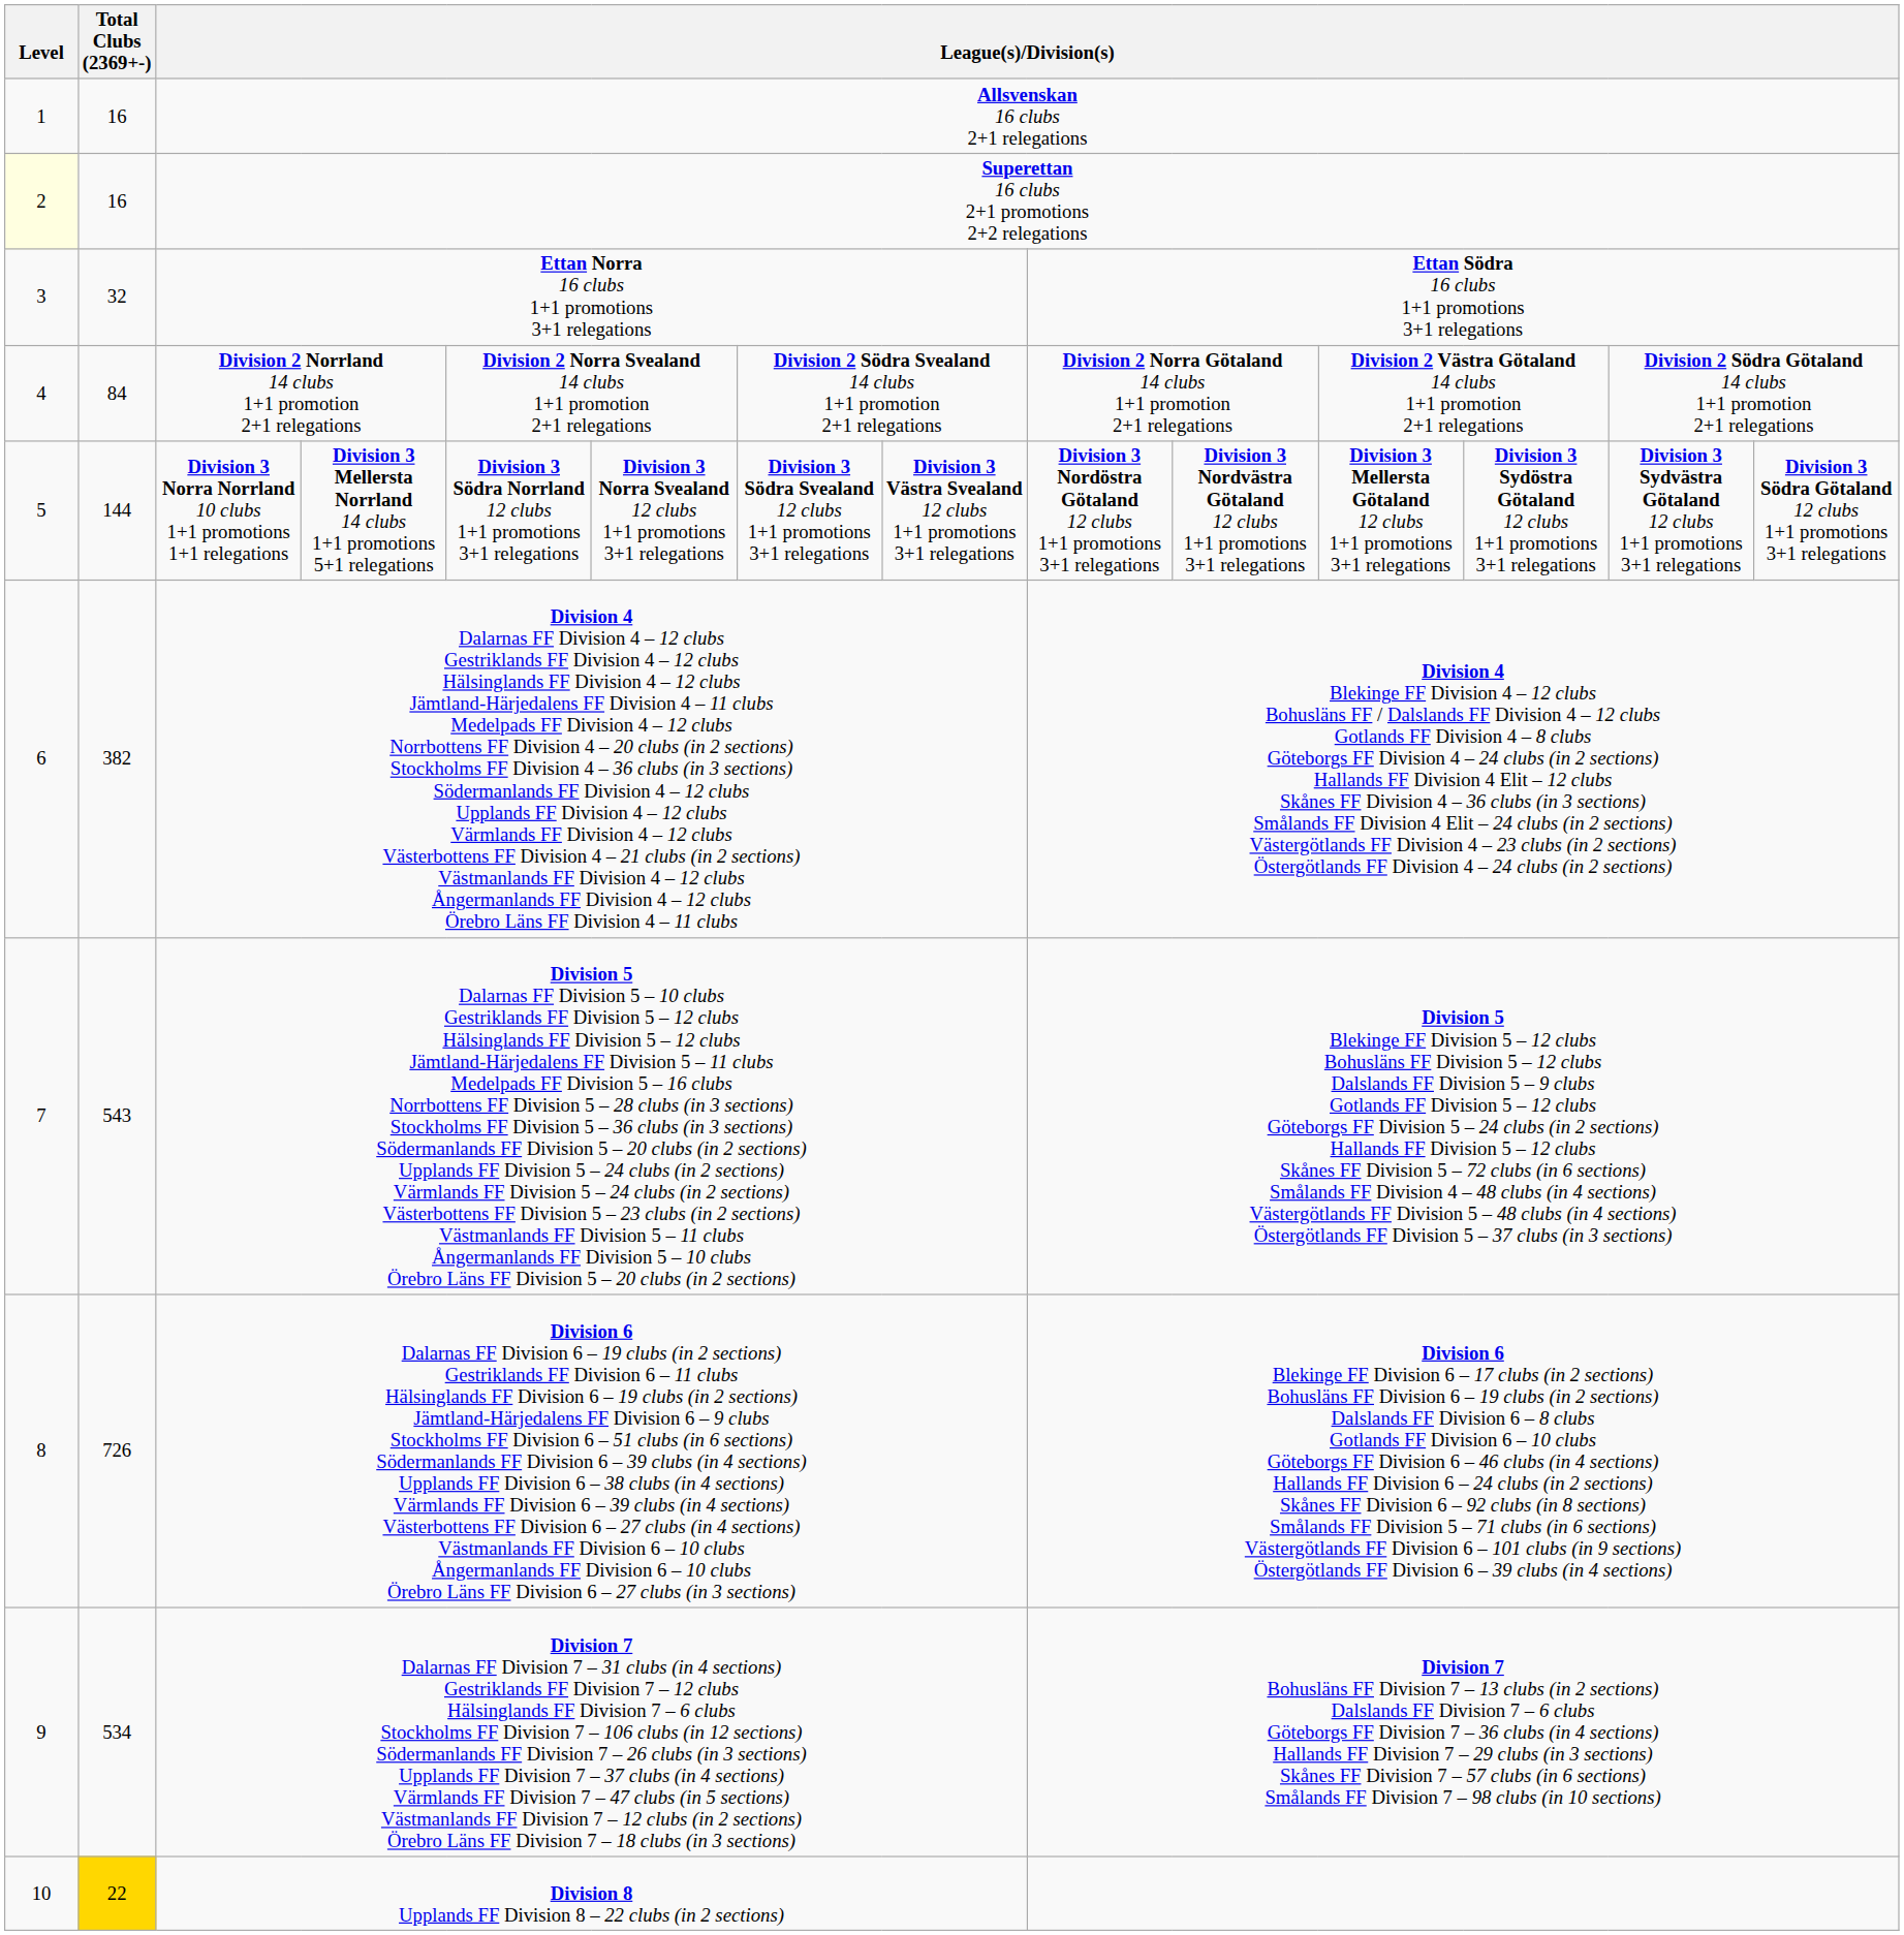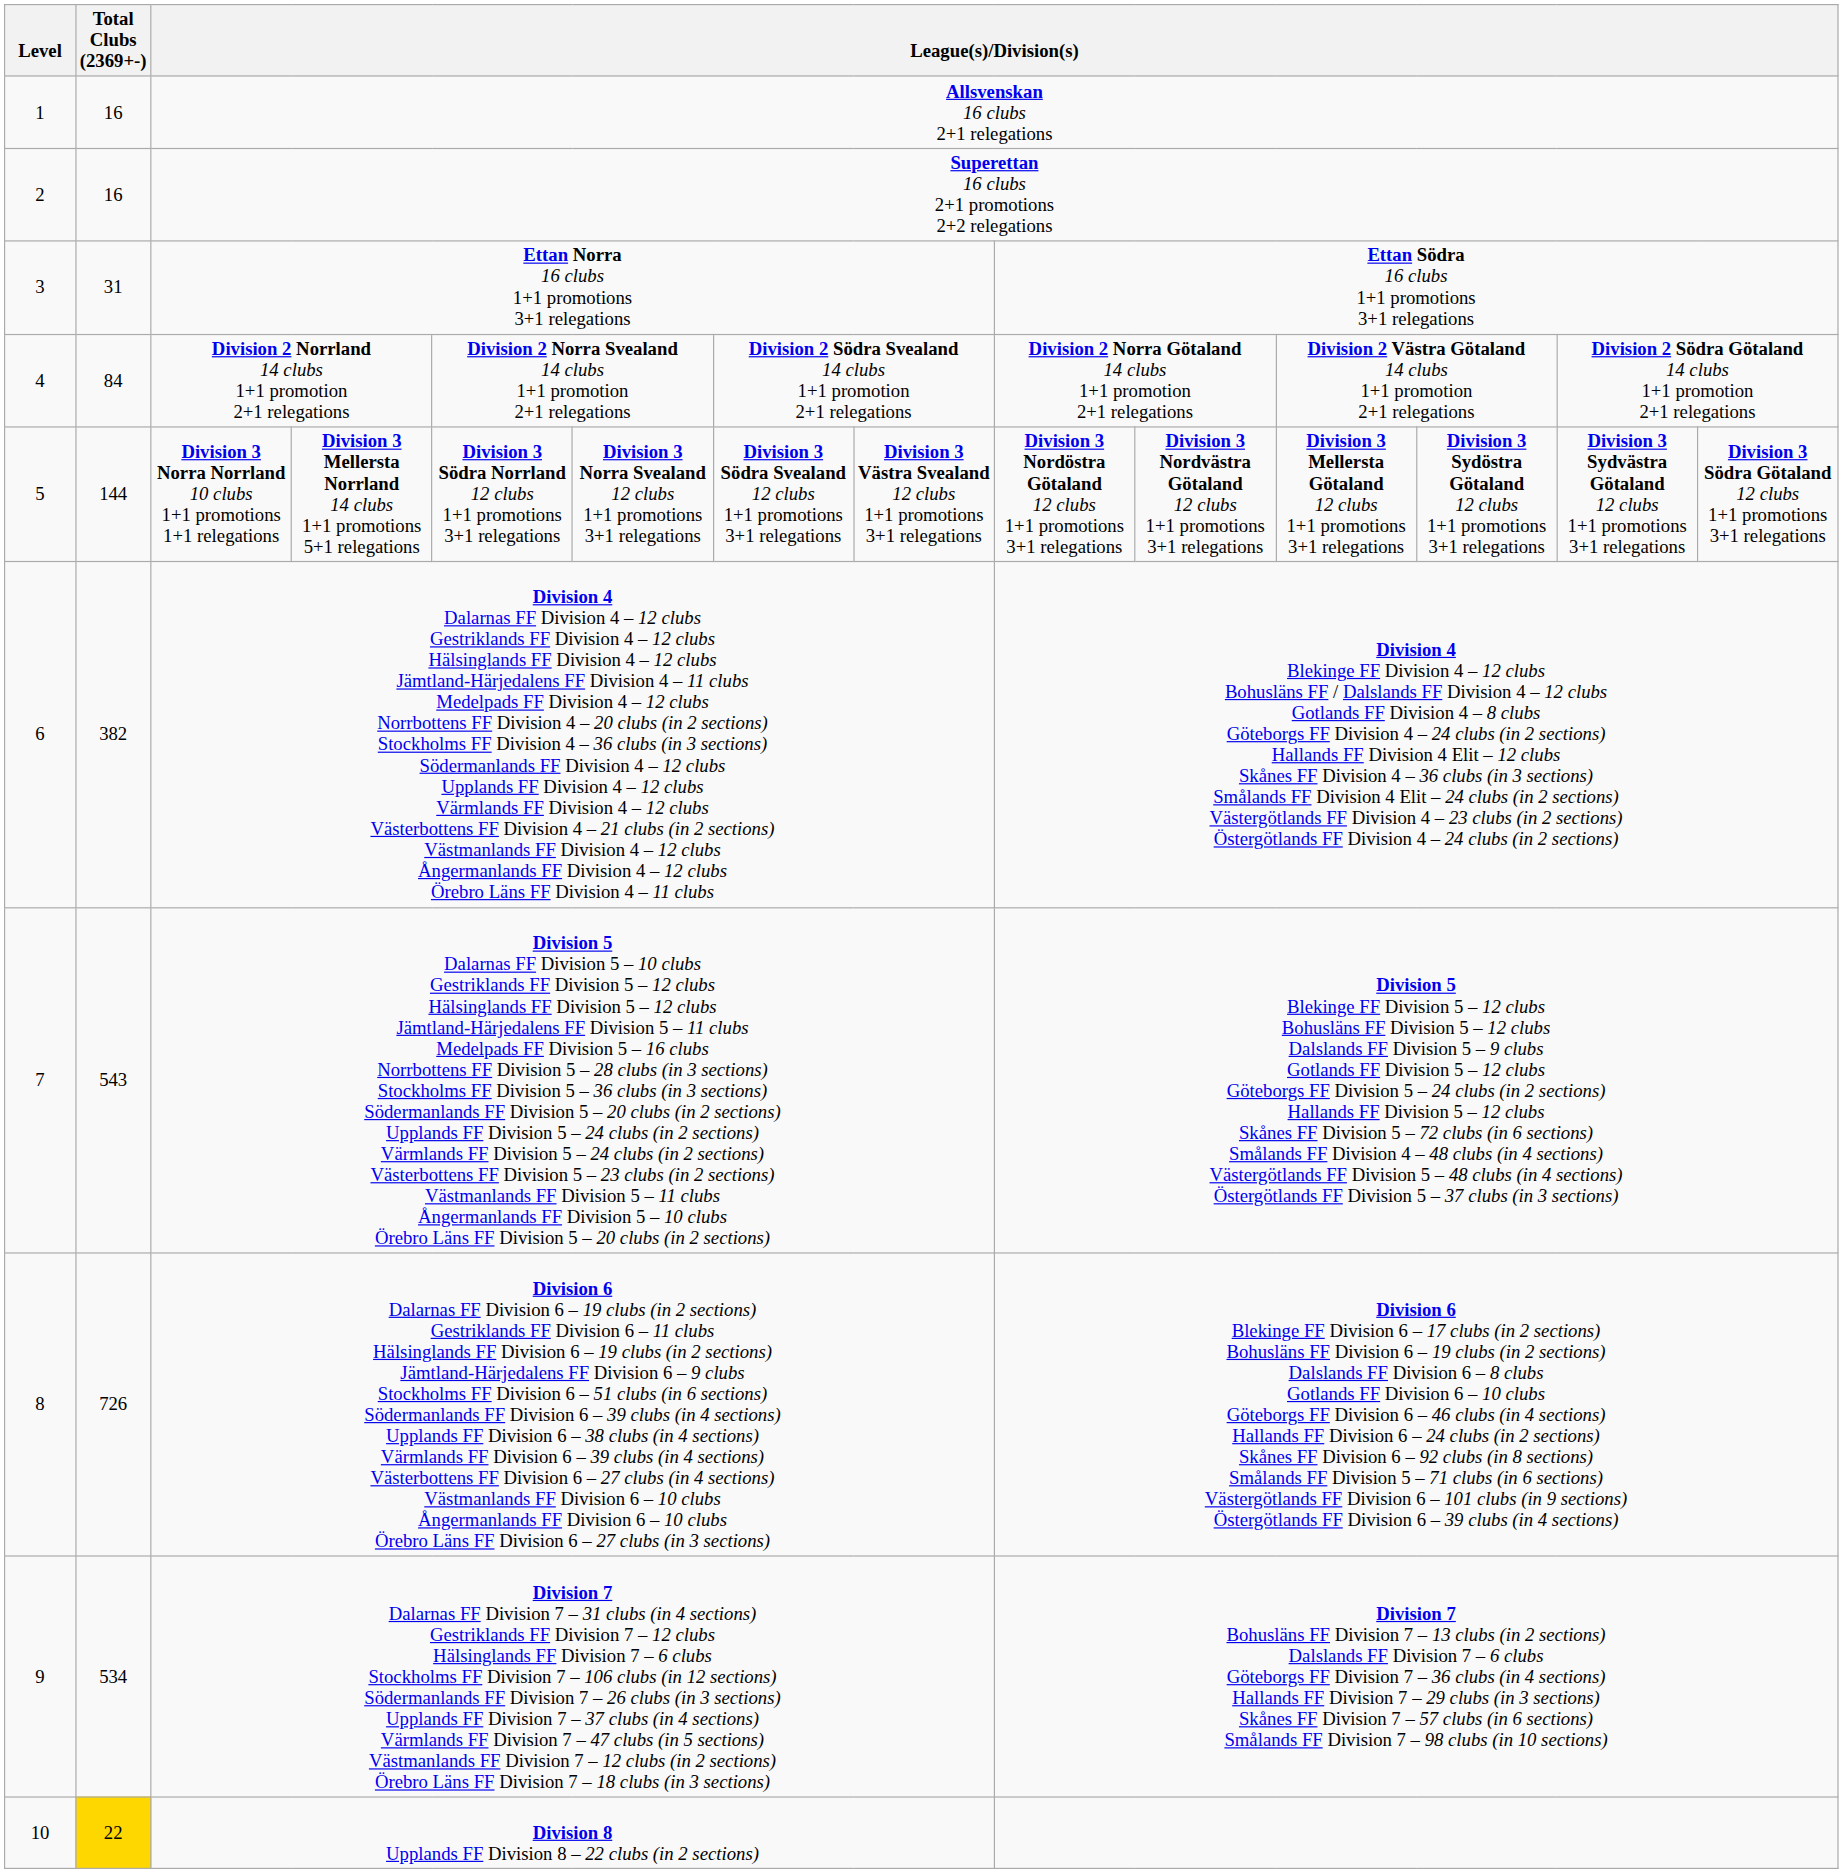 <table class="wikitable" style="text-align: center;">
 <tr>
 <th colspan="1" width="4%"><br>Level</th>
 <th>Total Clubs<br>(2369+-)</th>
 <th colspan="12" width="96%"><br>League(s)/Division(s)</th>
 </tr>
 <tr>
 <td>1</td>
 <td>16</td>
 <td colspan="12"><strong><a href='#'>Allsvenskan</a></strong><br><em>16 clubs</em><br>2+1 relegations</td>
 </tr>
 <tr>
-<td style="background: lightyellow;">2</td>
+<td>2</td>
 <td>16</td>
 <td colspan="12"><strong><a href='#'>Superettan</a></strong><br><em>16 clubs</em><br>2+1 promotions<br>2+2 relegations</td>
 </tr>
 <tr>
 <td>3</td>
-<td>32</td>
+<td>31</td>
 <td colspan="6"><strong><a href='#'>Ettan</a> Norra</strong><br><em>16 clubs</em><br>1+1 promotions<br>3+1 relegations</td>
 <td colspan="6"><strong><a href='#'>Ettan</a> Södra</strong><br><em>16 clubs</em><br>1+1 promotions<br>3+1 relegations</td>
 </tr>
 <tr>
 <td>4</td>
 <td>84</td>
 <td colspan="2"><strong><a href='#'>Division 2</a> Norrland</strong><br><em>14 clubs</em><br>1+1 promotion<br>2+1 relegations</td>
 <td colspan="2"><strong><a href='#'>Division 2</a> Norra Svealand</strong><br><em>14 clubs</em><br>1+1 promotion<br>2+1 relegations</td>
 <td colspan="2"><strong><a href='#'>Division 2</a> Södra Svealand</strong><br><em>14 clubs</em><br>1+1 promotion<br>2+1 relegations</td>
 <td colspan="2"><strong><a href='#'>Division 2</a> Norra Götaland</strong><br><em>14 clubs</em><br>1+1 promotion<br>2+1 relegations</td>
 <td colspan="2"><strong><a href='#'>Division 2</a> Västra Götaland</strong><br><em>14 clubs</em><br>1+1 promotion<br>2+1 relegations</td>
 <td colspan="2"><strong><a href='#'>Division 2</a> Södra Götaland</strong><br><em>14 clubs</em><br>1+1 promotion<br>2+1 relegations</td>
 </tr>
 <tr>
 <td>5</td>
 <td>144</td>
 <td width="8%"><strong><a href='#'>Division 3</a> Norra Norrland</strong><br><em>10 clubs</em><br>1+1 promotions<br>1+1 relegations</td>
 <td width="8%"><strong><a href='#'>Division 3</a> Mellersta Norrland</strong><br><em>14 clubs</em><br>1+1 promotions<br>5+1 relegations</td>
 <td width="8%"><strong><a href='#'>Division 3</a> Södra Norrland</strong><br><em>12 clubs</em><br>1+1 promotions<br>3+1 relegations</td>
 <td width="8%"><strong><a href='#'>Division 3</a> Norra Svealand</strong><br><em>12 clubs</em><br>1+1 promotions<br>3+1 relegations</td>
 <td width="8%"><strong><a href='#'>Division 3</a> Södra Svealand</strong><br><em>12 clubs</em><br>1+1 promotions<br>3+1 relegations</td>
 <td width="8%"><strong><a href='#'>Division 3</a> Västra Svealand</strong><br><em>12 clubs</em><br>1+1 promotions<br>3+1 relegations</td>
 <td width="8%"><strong><a href='#'>Division 3</a> Nordöstra Götaland</strong><br><em>12 clubs</em><br>1+1 promotions<br>3+1 relegations</td>
 <td width="8%"><strong><a href='#'>Division 3</a> Nordvästra Götaland</strong><br><em>12 clubs</em><br>1+1 promotions<br>3+1 relegations</td>
 <td width="8%"><strong><a href='#'>Division 3</a> Mellersta Götaland</strong><br><em>12 clubs</em><br>1+1 promotions<br>3+1 relegations</td>
 <td width="8%"><strong><a href='#'>Division 3</a> Sydöstra Götaland</strong><br><em>12 clubs</em><br>1+1 promotions<br>3+1 relegations</td>
 <td width="8%"><strong><a href='#'>Division 3</a> Sydvästra Götaland</strong><br><em>12 clubs</em><br>1+1 promotions<br>3+1 relegations</td>
 <td width="8%"><strong><a href='#'>Division 3</a> Södra Götaland</strong><br><em>12 clubs</em><br>1+1 promotions<br>3+1 relegations</td>
 </tr>
 <tr>
 <td>6</td>
 <td>382</td>
 <td colspan="6" width="48%"><br><strong><a href='#'>Division 4</a></strong><br> <a href='#'>Dalarnas FF</a> Division 4 – <em>12 clubs</em><br> <a href='#'>Gestriklands FF</a> Division 4 – <em>12 clubs</em><br> <a href='#'>Hälsinglands FF</a> Division 4 – <em>12 clubs</em><br> <a href='#'>Jämtland-Härjedalens FF</a> Division 4 – <em>11 clubs</em><br> <a href='#'>Medelpads FF</a> Division 4 – <em>12 clubs</em><br> <a href='#'>Norrbottens FF</a> Division 4 – <em>20 clubs (in 2 sections)</em><br> <a href='#'>Stockholms FF</a> Division 4 – <em>36 clubs (in 3 sections)</em><br> <a href='#'>Södermanlands FF</a> Division 4 – <em>12 clubs</em><br> <a href='#'>Upplands FF</a> Division 4 – <em>12 clubs</em><br> <a href='#'>Värmlands FF</a> Division 4 – <em>12 clubs</em><br> <a href='#'>Västerbottens FF</a> Division 4 – <em>21 clubs (in 2 sections)</em><br> <a href='#'>Västmanlands FF</a> Division 4 – <em>12 clubs</em><br> <a href='#'>Ångermanlands FF</a> Division 4 – <em>12 clubs</em><br> <a href='#'>Örebro Läns FF</a> Division 4 – <em>11 clubs</em><br></td>
 <td colspan="6" width="48%"><br><strong><a href='#'>Division 4</a></strong><br> <a href='#'>Blekinge FF</a> Division 4 – <em>12 clubs</em><br> <a href='#'>Bohusläns FF</a> / <a href='#'>Dalslands FF</a> Division 4 – <em>12 clubs</em><br> <a href='#'>Gotlands FF</a> Division 4 – <em>8 clubs</em><br> <a href='#'>Göteborgs FF</a> Division 4 – <em>24 clubs (in 2 sections)</em><br> <a href='#'>Hallands FF</a> Division 4 Elit – <em>12 clubs</em><br> <a href='#'>Skånes FF</a> Division 4 – <em>36 clubs (in 3 sections)</em><br> <a href='#'>Smålands FF</a> Division 4 Elit – <em>24 clubs (in 2 sections)</em><br> <a href='#'>Västergötlands FF</a> Division 4 – <em>23 clubs (in 2 sections)</em><br> <a href='#'>Östergötlands FF</a> Division 4 – <em>24 clubs (in 2 sections)</em><br></td>
 </tr>
 <tr>
 <td>7</td>
 <td>543</td>
 <td colspan="6" width="48%"><br><strong><a href='#'>Division 5</a></strong><br> <a href='#'>Dalarnas FF</a> Division 5 – <em>10 clubs</em><br> <a href='#'>Gestriklands FF</a> Division 5 – <em>12 clubs</em><br> <a href='#'>Hälsinglands FF</a> Division 5 – <em>12 clubs</em><br> <a href='#'>Jämtland-Härjedalens FF</a> Division 5 – <em>11 clubs</em><br> <a href='#'>Medelpads FF</a> Division 5 – <em>16 clubs</em><br> <a href='#'>Norrbottens FF</a> Division 5 – <em>28 clubs (in 3 sections)</em><br> <a href='#'>Stockholms FF</a> Division 5 – <em>36 clubs (in 3 sections)</em><br> <a href='#'>Södermanlands FF</a> Division 5 – <em>20 clubs (in 2 sections)</em><br> <a href='#'>Upplands FF</a> Division 5 – <em>24 clubs (in 2 sections)</em><br> <a href='#'>Värmlands FF</a> Division 5 – <em>24 clubs (in 2 sections)</em><br> <a href='#'>Västerbottens FF</a> Division 5 – <em>23 clubs (in 2 sections)</em><br> <a href='#'>Västmanlands FF</a> Division 5 – <em>11 clubs</em><br> <a href='#'>Ångermanlands FF</a> Division 5 – <em>10 clubs</em><br> <a href='#'>Örebro Läns FF</a> Division 5 – <em>20 clubs (in 2 sections)</em><br></td>
 <td colspan="6" width="48%"><br><strong><a href='#'>Division 5</a></strong><br> <a href='#'>Blekinge FF</a> Division 5 – <em>12 clubs</em><br> <a href='#'>Bohusläns FF</a> Division 5 – <em>12 clubs</em><br> <a href='#'>Dalslands FF</a> Division 5 – <em>9 clubs</em><br> <a href='#'>Gotlands FF</a> Division 5 – <em>12 clubs</em><br> <a href='#'>Göteborgs FF</a> Division 5 – <em>24 clubs (in 2 sections)</em><br> <a href='#'>Hallands FF</a> Division 5 – <em>12 clubs</em><br> <a href='#'>Skånes FF</a> Division 5 – <em>72 clubs (in 6 sections)</em><br> <a href='#'>Smålands FF</a> Division 4 – <em>48 clubs (in 4 sections)</em><br> <a href='#'>Västergötlands FF</a> Division 5 – <em>48 clubs (in 4 sections)</em><br> <a href='#'>Östergötlands FF</a> Division 5 – <em>37 clubs (in 3 sections)</em><br></td>
 </tr>
 <tr>
 <td>8</td>
 <td>726</td>
 <td colspan="6" width="48%"><br><strong><a href='#'>Division 6</a></strong><br> <a href='#'>Dalarnas FF</a> Division 6 – <em>19 clubs (in 2 sections)</em><br> <a href='#'>Gestriklands FF</a> Division 6 – <em>11 clubs</em><br> <a href='#'>Hälsinglands FF</a> Division 6 – <em>19 clubs (in 2 sections)</em><br> <a href='#'>Jämtland-Härjedalens FF</a> Division 6 – <em>9 clubs</em><br> <a href='#'>Stockholms FF</a> Division 6 – <em>51 clubs (in 6 sections)</em><br> <a href='#'>Södermanlands FF</a> Division 6 – <em>39 clubs (in 4 sections)</em><br> <a href='#'>Upplands FF</a> Division 6 – <em>38 clubs (in 4 sections)</em><br> <a href='#'>Värmlands FF</a> Division 6 – <em>39 clubs (in 4 sections)</em><br> <a href='#'>Västerbottens FF</a> Division 6 – <em>27 clubs (in 4 sections)</em><br> <a href='#'>Västmanlands FF</a> Division 6 – <em>10 clubs</em><br> <a href='#'>Ångermanlands FF</a> Division 6 – <em>10 clubs</em><br> <a href='#'>Örebro Läns FF</a> Division 6 – <em>27 clubs (in 3 sections)</em><br></td>
 <td colspan="6" width="48%"><br><strong><a href='#'>Division 6</a></strong><br> <a href='#'>Blekinge FF</a> Division 6 – <em>17 clubs (in 2 sections)</em><br> <a href='#'>Bohusläns FF</a> Division 6 – <em>19 clubs (in 2 sections)</em><br> <a href='#'>Dalslands FF</a> Division 6 – <em>8 clubs</em><br> <a href='#'>Gotlands FF</a> Division 6 – <em>10 clubs</em><br> <a href='#'>Göteborgs FF</a> Division 6 – <em>46 clubs (in 4 sections)</em><br> <a href='#'>Hallands FF</a> Division 6 – <em>24 clubs (in 2 sections)</em><br> <a href='#'>Skånes FF</a> Division 6 – <em>92 clubs (in 8 sections)</em><br> <a href='#'>Smålands FF</a> Division 5 – <em>71 clubs (in 6 sections)</em><br> <a href='#'>Västergötlands FF</a> Division 6 – <em>101 clubs (in 9 sections)</em><br> <a href='#'>Östergötlands FF</a> Division 6 – <em>39 clubs (in 4 sections)</em><br></td>
 </tr>
 <tr>
 <td>9</td>
 <td>534</td>
 <td colspan="6" width="96%"><br><strong><a href='#'>Division 7</a></strong><br> <a href='#'>Dalarnas FF</a> Division 7 – <em>31 clubs (in 4 sections)</em><br> <a href='#'>Gestriklands FF</a> Division 7 – <em>12 clubs</em><br> <a href='#'>Hälsinglands FF</a> Division 7 – <em>6 clubs</em><br> <a href='#'>Stockholms FF</a> Division 7 – <em>106 clubs (in 12 sections)</em><br> <a href='#'>Södermanlands FF</a> Division 7 – <em>26 clubs (in 3 sections)</em><br> <a href='#'>Upplands FF</a> Division 7 – <em>37 clubs (in 4 sections)</em><br> <a href='#'>Värmlands FF</a> Division 7 – <em>47 clubs (in 5 sections)</em><br> <a href='#'>Västmanlands FF</a> Division 7 – <em>12 clubs (in 2 sections)</em><br> <a href='#'>Örebro Läns FF</a> Division 7 – <em>18 clubs (in 3 sections)</em><br></td>
 <td colspan="6"><strong><a href='#'>Division 7</a></strong><br><a href='#'>Bohusläns FF</a> Division 7 – <em>13 clubs (in 2 sections)</em><br><a href='#'>Dalslands FF</a> Division 7 – <em>6 clubs</em><br><a href='#'>Göteborgs FF</a> Division 7 – <em>36 clubs (in 4 sections)</em><br><a href='#'>Hallands FF</a> Division 7 – <em>29 clubs (in 3 sections)</em><br><a href='#'>Skånes FF</a> Division 7 – <em>57 clubs (in 6 sections)</em><br> <a href='#'>Smålands FF</a> Division 7 – <em>98 clubs (in 10 sections)</em></td>
 </tr>
 <tr>
 <td>10</td>
 <td style="background: gold;">22</td>
 <td colspan="6" width="96%"><br><strong><a href='#'>Division 8</a></strong><br> <a href='#'>Upplands FF</a> Division 8 – <em>22 clubs (in 2 sections)</em><br></td>
 <td colspan="6"></td>
 </tr>
 </table>
